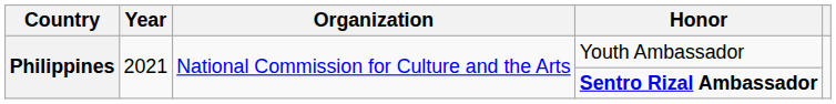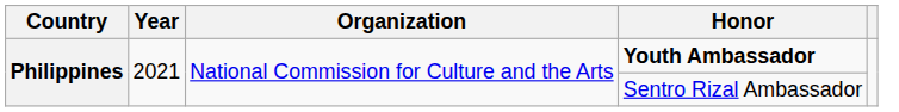 <table class="wikitable plainrowheaders sortable">
 <tr>
 <th scope="col">Country</th>
 <th scope="col">Year</th>
 <th scope="col">Organization</th>
 <th scope="col">Honor</th>
 <th scope="col" class="unsortable"></th>
 </tr>
 <tr>
 <th rowspan="2" scope="rowgroup">Philippines</th>
 <td rowspan="2">2021</td>
 <td rowspan="2"><a href='#'>National Commission for Culture and the Arts</a></td>
-<td>Youth Ambassador</td>
+<td><strong>Youth Ambassador</strong></td>
 <td rowspan="2" style="text-align:center;"></td>
 </tr>
 <tr>
-<td><strong><a href='#'>Sentro Rizal</a> Ambassador</strong></td>
+<td><a href='#'>Sentro Rizal</a> Ambassador</td>
 </tr>
 </table>
